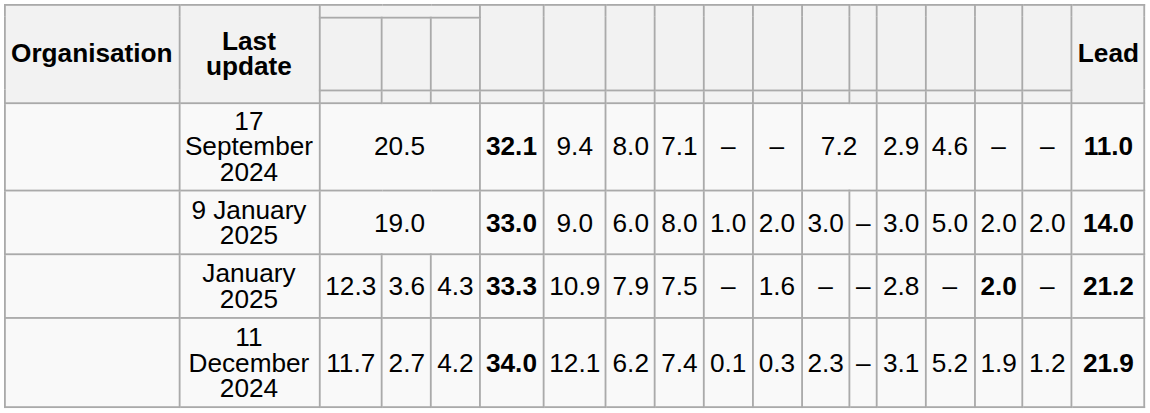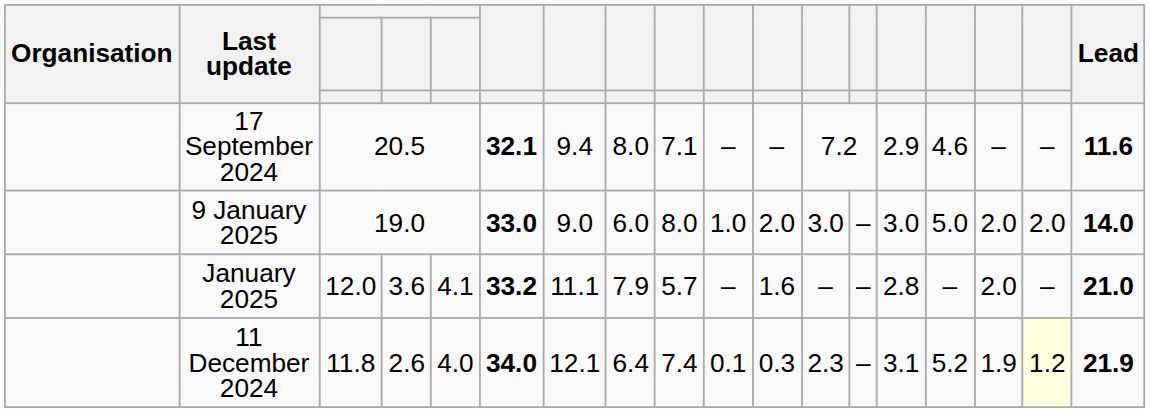 <table class="wikitable mw-collapsible sortable" style="text-align:center;font-size:90%;line-height:14px;">
 <tr>
 <th rowspan="3">Organisation</th>
 <th rowspan="3">Last update</th>
 <th colspan="3" class="unsortable" style="width:40px;"></th>
 <th rowspan="2" class="unsortable" style="width:40px;"></th>
 <th rowspan="2" class="unsortable" style="width:40px;"></th>
 <th rowspan="2"></th>
 <th rowspan="2" class="unsortable" style="width:40px;"></th>
 <th rowspan="2" class="unsortable" style="width:40px;"></th>
 <th rowspan="2" class="unsortable" style="width:40px;"></th>
 <th rowspan="2" class="unsortable" style="width:40px;"></th>
 <th rowspan="2" class="unsortable" style="width:40px;"></th>
 <th rowspan="2"></th>
 <th rowspan="2" class="unsortable" style="width:40px;"></th>
 <th rowspan="2" class="unsortable" style="width:40px;"></th>
 <th rowspan="2" style="width:25px;"></th>
 <th rowspan="3">Lead</th>
 </tr>
 <tr style="height:40px;">
 <th class="unsortable" style="width:40px;"></th>
 <th class="unsortable" style="width:40px;"></th>
 <th class="unsortable" style="width:40px;"></th>
 </tr>
 <tr>
 <th class="unsortable" style="color:inherit;background:"></th>
 <th class="unsortable" style="color:inherit;background:"></th>
 <th class="unsortable" style="color:inherit;background:"></th>
 <th class="unsortable" style="color:inherit;background:"></th>
 <th class="unsortable" style="color:inherit;background:"></th>
 <th class="unsortable" style="color:inherit;background:"></th>
 <th class="unsortable" style="color:inherit;background:"></th>
 <th class="unsortable" style="color:inherit;background:"></th>
 <th class="unsortable" style="color:inherit;background:"></th>
 <th class="unsortable" style="color:inherit;background:"></th>
 <th class="unsortable" style="color:inherit;background:"></th>
 <th class="unsortable" style="color:inherit;background:"></th>
 <th class="unsortable" style="color:inherit;background:"></th>
 <th class="unsortable" style="color:inherit;background:"></th>
 <th class="unsortable" style="color:inherit;background:"></th>
 </tr>
 <tr>
 <td></td>
 <td>17 September 2024</td>
 <td colspan="3">20.5</td>
 <td><strong>32.1</strong></td>
 <td>9.4</td>
 <td>8.0</td>
 <td>7.1</td>
 <td>–</td>
 <td>–</td>
 <td colspan="2">7.2</td>
 <td>2.9</td>
 <td>4.6</td>
 <td>–</td>
 <td>–</td>
-<td style="background:"><strong>11.0</strong></td>
+<td style="background:"><strong>11.6</strong></td>
 </tr>
 <tr>
 <td></td>
 <td>9 January 2025</td>
 <td colspan="3">19.0</td>
 <td><strong>33.0</strong></td>
 <td>9.0</td>
 <td>6.0</td>
 <td>8.0</td>
 <td>1.0</td>
 <td>2.0</td>
 <td>3.0</td>
 <td>–</td>
 <td>3.0</td>
 <td>5.0</td>
 <td>2.0</td>
 <td>2.0</td>
 <td style="background:"><strong>14.0</strong></td>
 </tr>
 <tr>
 <td></td>
 <td>January 2025</td>
-<td>12.3</td>
+<td>12.0</td>
 <td>3.6</td>
-<td>4.3</td>
-<td><strong>33.3</strong></td>
-<td>10.9</td>
+<td>4.1</td>
+<td><strong>33.2</strong></td>
+<td>11.1</td>
 <td>7.9</td>
-<td>7.5</td>
+<td>5.7</td>
 <td>–</td>
 <td>1.6</td>
 <td>–</td>
 <td>–</td>
 <td>2.8</td>
 <td>–</td>
-<td><strong>2.0</strong></td>
+<td>2.0</td>
 <td>–</td>
-<td style="background:"><strong>21.2</strong></td>
+<td style="background:"><strong>21.0</strong></td>
 </tr>
 <tr>
 <td></td>
 <td>11 December 2024</td>
-<td>11.7</td>
-<td>2.7</td>
-<td>4.2</td>
+<td>11.8</td>
+<td>2.6</td>
+<td>4.0</td>
 <td><strong>34.0</strong></td>
 <td>12.1</td>
-<td>6.2</td>
+<td>6.4</td>
 <td>7.4</td>
 <td>0.1</td>
 <td>0.3</td>
 <td>2.3</td>
 <td>–</td>
 <td>3.1</td>
 <td>5.2</td>
 <td>1.9</td>
-<td>1.2</td>
+<td style="background: lightyellow;">1.2</td>
 <td style="background:"><strong>21.9</strong></td>
 </tr>
 </table>
